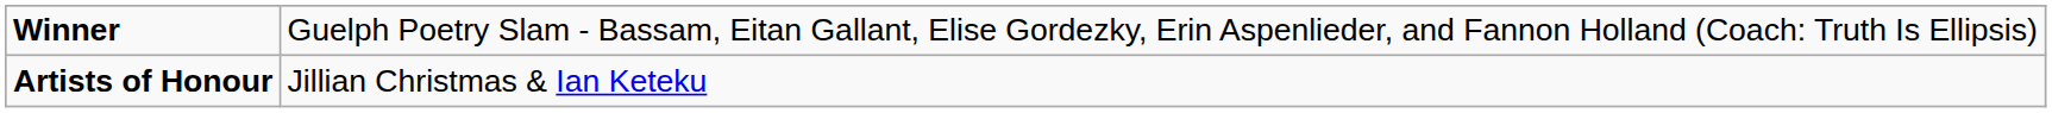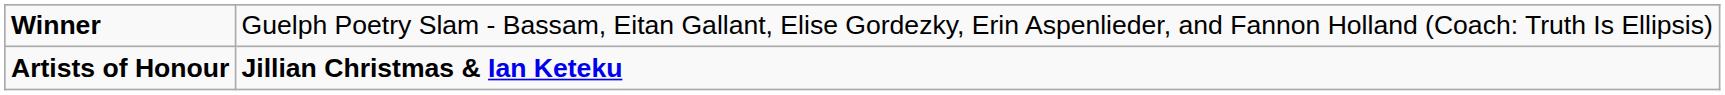 <table class="wikitable">
 <tr>
 <td><strong>Winner</strong></td>
 <td>Guelph Poetry Slam - Bassam, Eitan Gallant, Elise Gordezky, Erin Aspenlieder, and Fannon Holland (Coach: Truth Is Ellipsis)</td>
 </tr>
 <tr>
 <td><strong>Artists of Honour</strong></td>
-<td>Jillian Christmas & <a href='#'>Ian Keteku</a></td>
+<td><strong>Jillian Christmas & <a href='#'>Ian Keteku</a></strong></td>
 </tr>
 </table>
